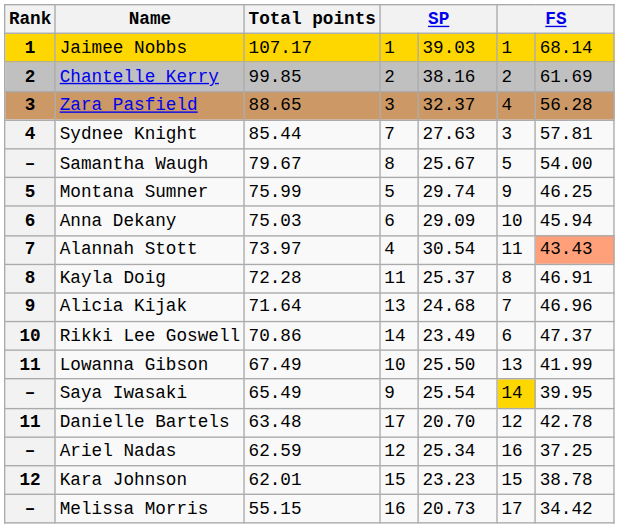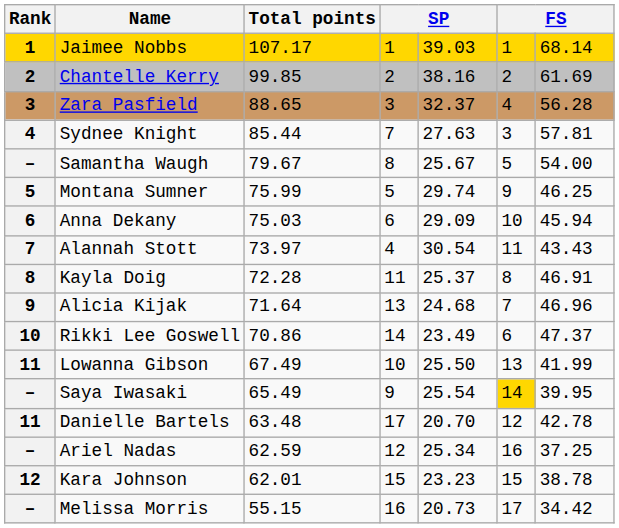 <table class="wikitable sortable">
 <tr>
 <th>Rank</th>
 <th>Name</th>
 <th>Total points</th>
 <th colspan="2" width="80px"><a href='#'>SP</a></th>
 <th colspan="2" width="80px"><a href='#'>FS</a></th>
 </tr>
 <tr bgcolor="gold">
 <td align="center"><strong>1</strong></td>
 <td>Jaimee Nobbs</td>
 <td>107.17</td>
 <td>1</td>
 <td>39.03</td>
 <td>1</td>
 <td>68.14</td>
 </tr>
 <tr bgcolor="silver">
 <td align="center"><strong>2</strong></td>
 <td><a href='#'>Chantelle Kerry</a></td>
 <td>99.85</td>
 <td>2</td>
 <td>38.16</td>
 <td>2</td>
 <td>61.69</td>
 </tr>
 <tr bgcolor="cc9966">
 <td align="center"><strong>3</strong></td>
 <td><a href='#'>Zara Pasfield</a></td>
 <td>88.65</td>
 <td>3</td>
 <td>32.37</td>
 <td>4</td>
 <td>56.28</td>
 </tr>
 <tr>
 <th>4</th>
 <td>Sydnee Knight</td>
 <td>85.44</td>
 <td>7</td>
 <td>27.63</td>
 <td>3</td>
 <td>57.81</td>
 </tr>
 <tr>
 <th>–</th>
 <td> Samantha Waugh</td>
 <td>79.67</td>
 <td>8</td>
 <td>25.67</td>
 <td>5</td>
 <td>54.00</td>
 </tr>
 <tr>
 <th>5</th>
 <td>Montana Sumner</td>
 <td>75.99</td>
 <td>5</td>
 <td>29.74</td>
 <td>9</td>
 <td>46.25</td>
 </tr>
 <tr>
 <th>6</th>
 <td>Anna Dekany</td>
 <td>75.03</td>
 <td>6</td>
 <td>29.09</td>
 <td>10</td>
 <td>45.94</td>
 </tr>
 <tr>
 <th>7</th>
 <td>Alannah Stott</td>
 <td>73.97</td>
 <td>4</td>
 <td>30.54</td>
 <td>11</td>
-<td style="background: lightsalmon;">43.43</td>
+<td>43.43</td>
 </tr>
 <tr>
 <th>8</th>
 <td>Kayla Doig</td>
 <td>72.28</td>
 <td>11</td>
 <td>25.37</td>
 <td>8</td>
 <td>46.91</td>
 </tr>
 <tr>
 <th>9</th>
 <td>Alicia Kijak</td>
 <td>71.64</td>
 <td>13</td>
 <td>24.68</td>
 <td>7</td>
 <td>46.96</td>
 </tr>
 <tr>
 <th>10</th>
 <td>Rikki Lee Goswell</td>
 <td>70.86</td>
 <td>14</td>
 <td>23.49</td>
 <td>6</td>
 <td>47.37</td>
 </tr>
 <tr>
 <th>11</th>
 <td>Lowanna Gibson</td>
 <td>67.49</td>
 <td>10</td>
 <td>25.50</td>
 <td>13</td>
 <td>41.99</td>
 </tr>
 <tr>
 <th>–</th>
 <td>Saya Iwasaki</td>
 <td>65.49</td>
 <td>9</td>
 <td>25.54</td>
 <td style="background: gold;">14</td>
 <td>39.95</td>
 </tr>
 <tr>
 <th>11</th>
 <td>Danielle Bartels</td>
 <td>63.48</td>
 <td>17</td>
 <td>20.70</td>
 <td>12</td>
 <td>42.78</td>
 </tr>
 <tr>
 <th>–</th>
 <td> Ariel Nadas</td>
 <td>62.59</td>
 <td>12</td>
 <td>25.34</td>
 <td>16</td>
 <td>37.25</td>
 </tr>
 <tr>
 <th>12</th>
 <td>Kara Johnson</td>
 <td>62.01</td>
 <td>15</td>
 <td>23.23</td>
 <td>15</td>
 <td>38.78</td>
 </tr>
 <tr>
 <th>–</th>
 <td> Melissa Morris</td>
 <td>55.15</td>
 <td>16</td>
 <td>20.73</td>
 <td>17</td>
 <td>34.42</td>
 </tr>
 </table>
